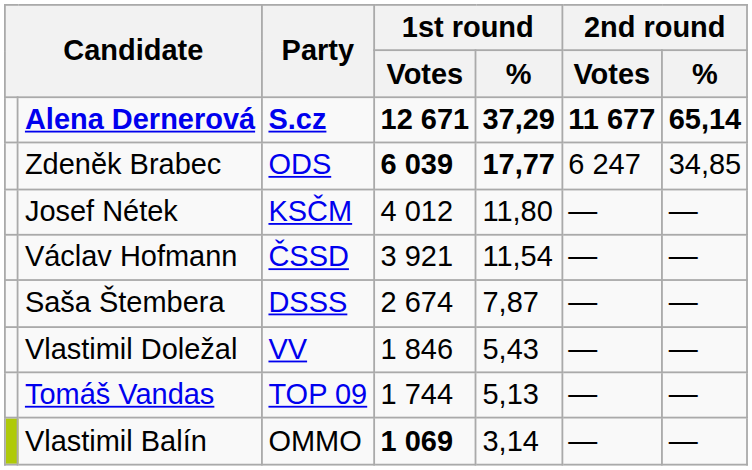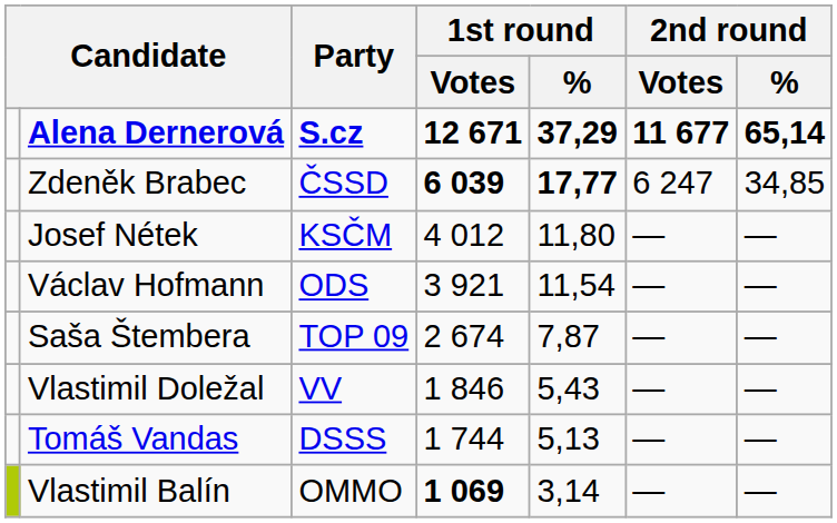 <table class="wikitable sortable">
 <tr>
 <th colspan="2" rowspan="2">Candidate</th>
 <th rowspan="2">Party</th>
 <th colspan="2">1st round</th>
 <th colspan="2">2nd round</th>
 </tr>
 <tr>
 <th>Votes</th>
 <th>%</th>
 <th>Votes</th>
 <th>%</th>
 </tr>
 <tr>
 <td style="background-color:"></td>
 <td><strong><a href='#'>Alena Dernerová</a></strong></td>
 <td><a href='#'><strong>S.cz</strong></a></td>
 <td><strong>12 671</strong></td>
 <td><strong>37,29</strong></td>
 <td><strong>11 677</strong></td>
 <td><strong>65,14</strong></td>
 </tr>
 <tr>
 <td style="background-color:"></td>
 <td>Zdeněk Brabec</td>
-<td><a href='#'>ODS</a></td>
+<td><a href='#'>ČSSD</a></td>
 <td><strong>6 039</strong></td>
 <td><strong>17,77</strong></td>
 <td>6 247</td>
 <td>34,85</td>
 </tr>
 <tr>
 <td style="background-color:"></td>
 <td>Josef Nétek</td>
 <td><a href='#'>KSČM</a></td>
 <td>4 012</td>
 <td>11,80</td>
 <td>—</td>
 <td>—</td>
 </tr>
 <tr>
 <td style="background-color:"></td>
 <td>Václav Hofmann</td>
-<td><a href='#'>ČSSD</a></td>
+<td><a href='#'>ODS</a></td>
 <td>3 921</td>
 <td>11,54</td>
 <td>—</td>
 <td>—</td>
 </tr>
 <tr>
 <td style="background-color:"></td>
 <td>Saša Štembera</td>
-<td><a href='#'>DSSS</a></td>
+<td><a href='#'>TOP 09</a></td>
 <td>2 674</td>
 <td>7,87</td>
 <td>—</td>
 <td>—</td>
 </tr>
 <tr>
 <td style="background-color:"></td>
 <td>Vlastimil Doležal</td>
 <td><a href='#'>VV</a></td>
 <td>1 846</td>
 <td>5,43</td>
 <td>—</td>
 <td>—</td>
 </tr>
 <tr>
 <td style="background-color:"></td>
 <td><a href='#'>Tomáš Vandas</a></td>
-<td><a href='#'>TOP 09</a></td>
+<td><a href='#'>DSSS</a></td>
 <td>1 744</td>
 <td>5,13</td>
 <td>—</td>
 <td>—</td>
 </tr>
 <tr>
 <td style="background-color:#AFCA08;"></td>
 <td>Vlastimil Balín</td>
 <td>OMMO</td>
 <td><strong>1 069</strong></td>
 <td>3,14</td>
 <td>—</td>
 <td>—</td>
 </tr>
 </table>
